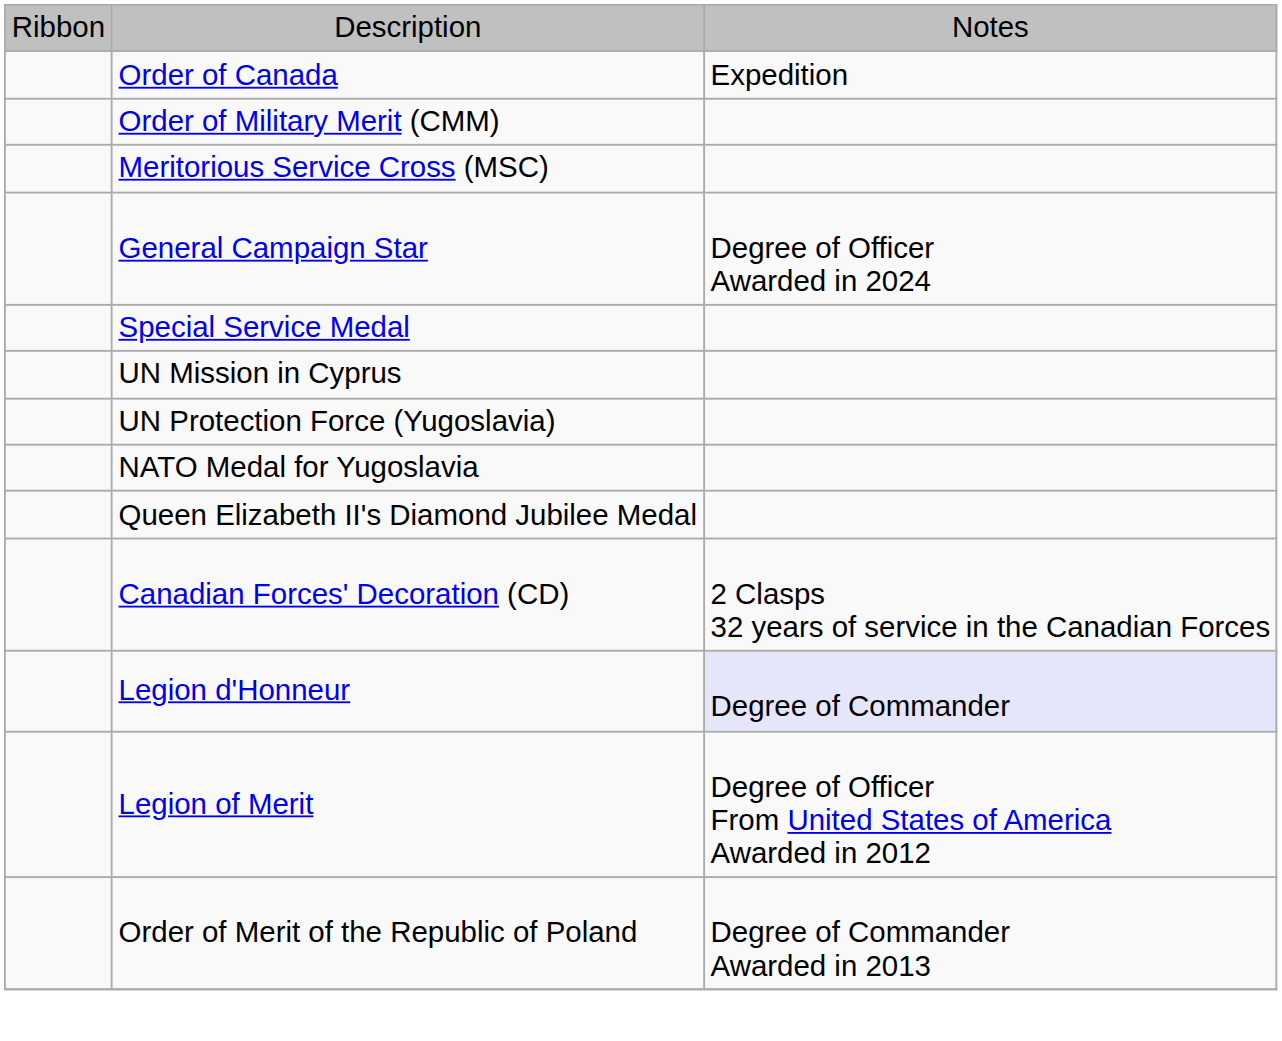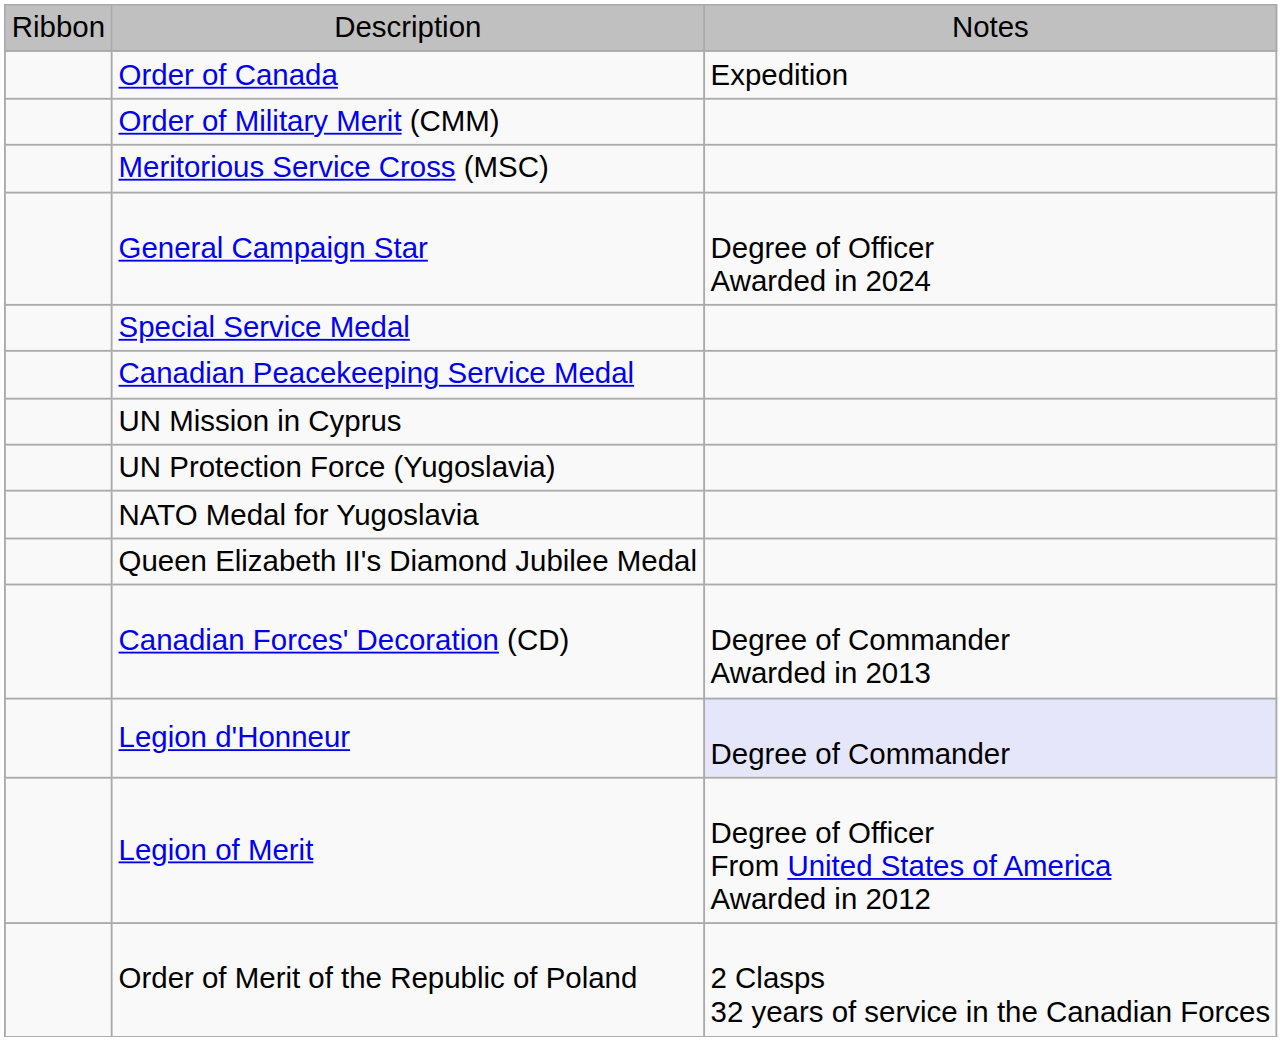 <table class="wikitable">
 <tr style="background:silver;" align="center">
 <td>Ribbon</td>
 <td>Description</td>
 <td>Notes</td>
 </tr>
 <tr>
 <td></td>
 <td><a href='#'>Order of Canada</a></td>
 <td>Expedition</td>
 </tr>
 <tr>
 <td></td>
 <td><a href='#'>Order of Military Merit</a> (CMM)</td>
 <td></td>
 </tr>
 <tr>
 <td></td>
 <td><a href='#'>Meritorious Service Cross</a> (MSC)</td>
 <td></td>
 </tr>
 <tr>
 <td></td>
 <td><a href='#'>General Campaign Star</a></td>
 <td><br>Degree of Officer<br> Awarded in 2024</td>
 </tr>
 <tr>
 <td></td>
 <td><a href='#'>Special Service Medal</a></td>
 <td></td>
 </tr>
 <tr>
 <td></td>
+<td><a href='#'>Canadian Peacekeeping Service Medal</a></td>
+<td></td>
+</tr>
+<tr>
+<td></td>
 <td>UN Mission in Cyprus</td>
 <td></td>
 </tr>
 <tr>
 <td></td>
 <td>UN Protection Force (Yugoslavia)</td>
 <td></td>
 </tr>
 <tr>
 <td></td>
 <td>NATO Medal for Yugoslavia</td>
 </tr>
 <tr>
 <td></td>
 <td>Queen Elizabeth II's Diamond Jubilee Medal</td>
 <td></td>
 </tr>
 <tr>
 <td></td>
 <td><a href='#'>Canadian Forces' Decoration</a> (CD)</td>
-<td><br>2 Clasps<br> 32 years of service in the Canadian Forces</td>
+<td><br>Degree of Commander<br> Awarded in 2013<br></td>
 </tr>
 <tr>
 <td></td>
 <td><a href='#'>Legion d'Honneur</a></td>
 <td style="background: lavender;"><br>Degree of Commander<br></td>
 </tr>
 <tr>
 <td></td>
 <td><a href='#'>Legion of Merit</a></td>
 <td><br>Degree of Officer<br> From <a href='#'>United States of America</a><br> Awarded in 2012<br></td>
 </tr>
 <tr>
 <td></td>
 <td>Order of Merit of the Republic of Poland</td>
-<td><br>Degree of Commander<br> Awarded in 2013<br></td>
+<td><br>2 Clasps<br> 32 years of service in the Canadian Forces</td>
 </tr>
 <tr>
 </tr>
 </table>
